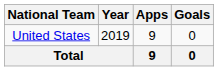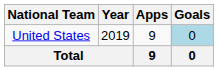 <table class="wikitable" style="text-align: center;">
 <tr>
 <th>National Team</th>
 <th>Year</th>
 <th>Apps</th>
 <th>Goals</th>
 </tr>
 <tr>
 <td><a href='#'>United States</a></td>
 <td>2019</td>
 <td>9</td>
-<td>0</td>
+<td style="background: lightblue;">0</td>
 </tr>
 <tr>
 <th colspan="2"><strong>Total</strong></th>
 <th><strong>9</strong></th>
 <th><strong>0</strong></th>
 </tr>
 </table>
